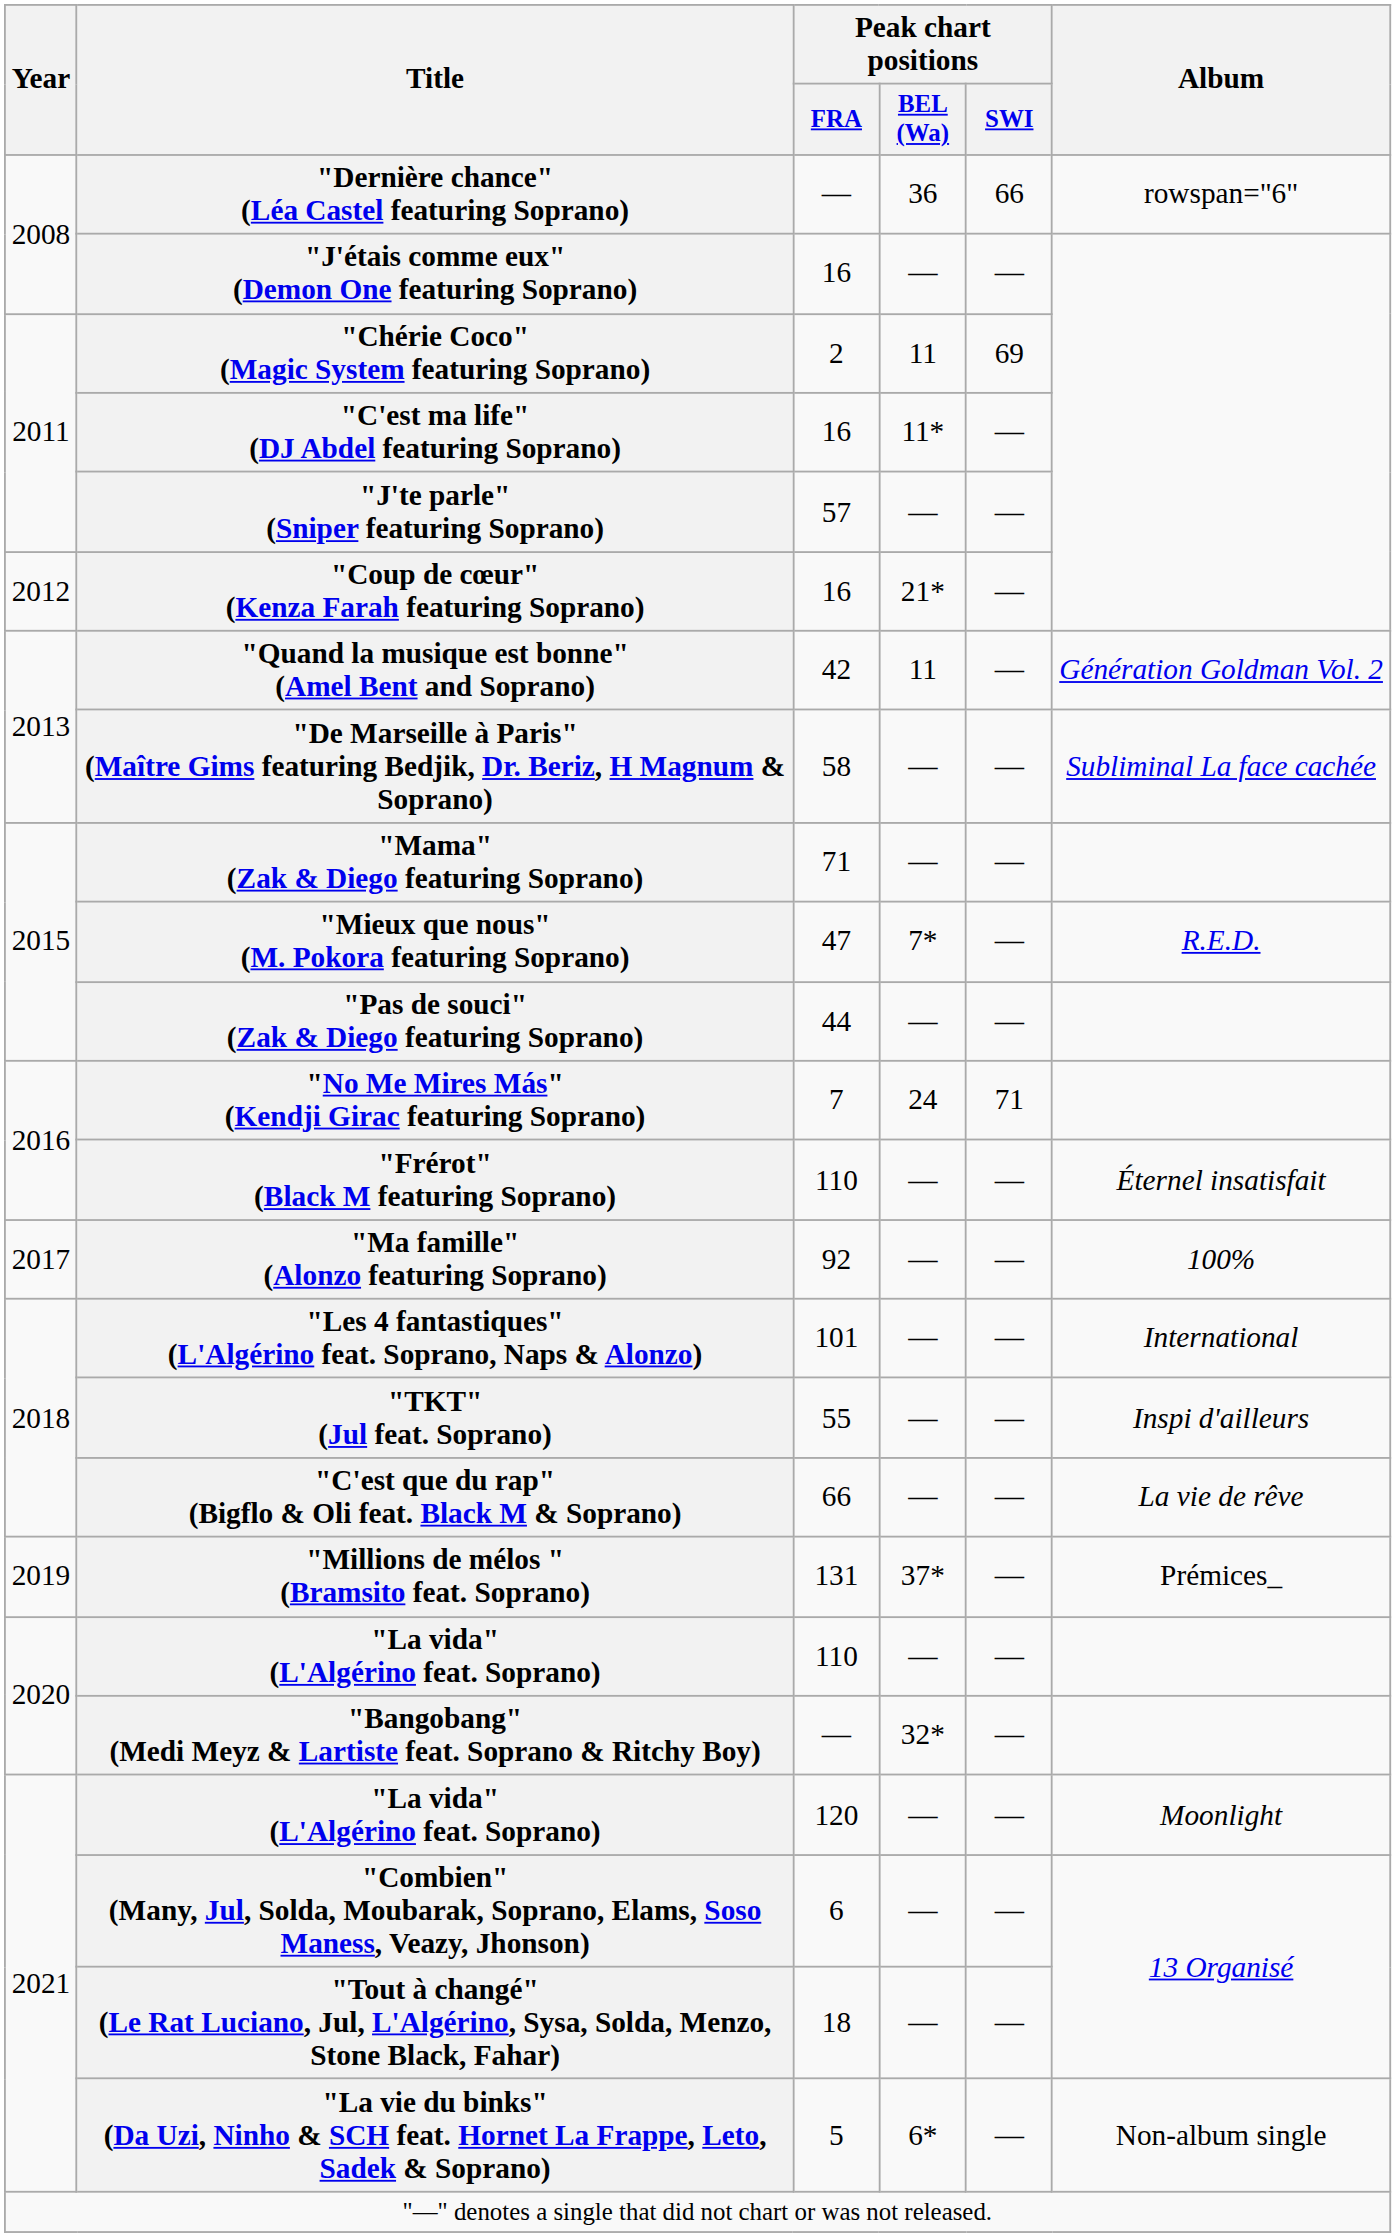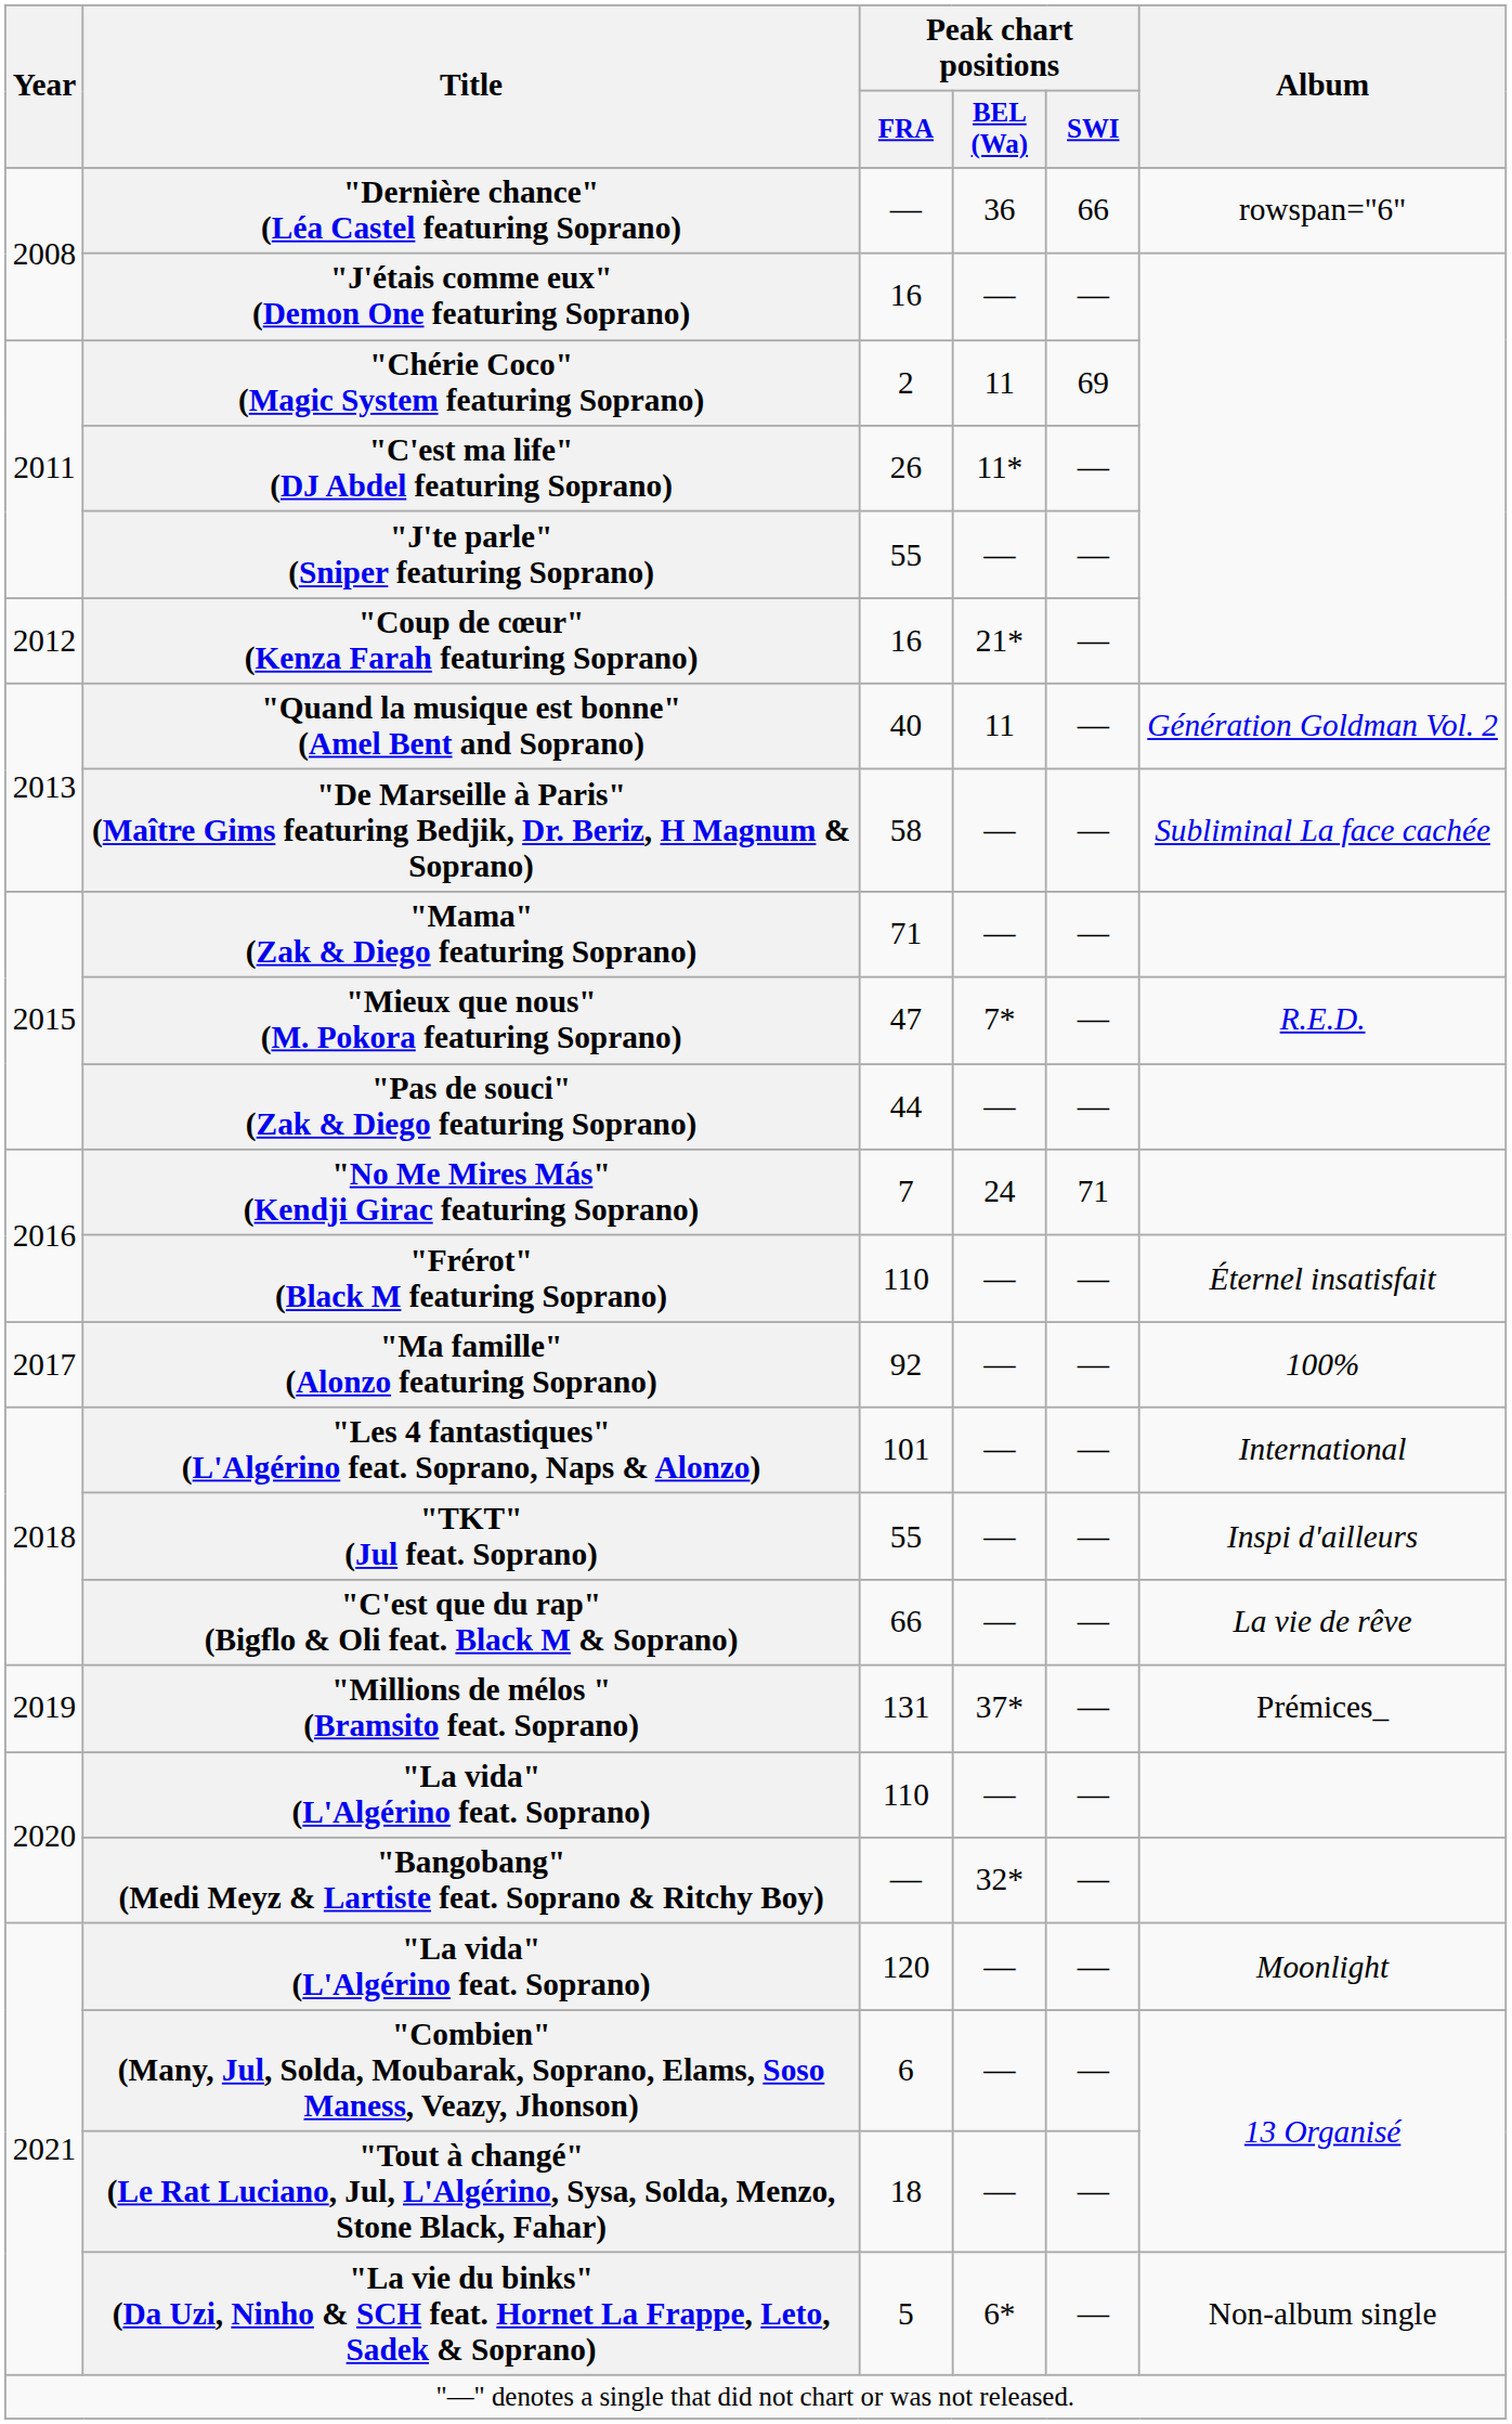 <table class="wikitable plainrowheaders" style="text-align:center;">
 <tr>
 <th scope="col" rowspan="2" style="width:1em;">Year</th>
 <th scope="col" rowspan="2" style="width:24em;">Title</th>
 <th scope="col" colspan="3">Peak chart positions</th>
 <th scope="col" rowspan="2">Album</th>
 </tr>
 <tr>
 <th scope="col" style="width:3em;font-size:85%;"><a href='#'>FRA</a><br></th>
 <th scope="col" style="width:3em;font-size:85%;"><a href='#'>BEL<br>(Wa)</a><br></th>
 <th scope="col" style="width:3em;font-size:85%;"><a href='#'>SWI</a><br></th>
 </tr>
 <tr>
 <td rowspan="2">2008</td>
 <th scope="row">"Dernière chance"<br><span>(<a href='#'>Léa Castel</a> featuring Soprano)</span></th>
 <td>—</td>
 <td>36</td>
 <td>66</td>
 <td>rowspan="6" </td>
 </tr>
 <tr>
 <th scope="row">"J'étais comme eux"<br><span>(<a href='#'>Demon One</a> featuring Soprano)</span></th>
 <td>16</td>
 <td>—</td>
 <td>—</td>
 </tr>
 <tr>
 <td rowspan="3">2011</td>
 <th scope="row">"Chérie Coco"<br><span>(<a href='#'>Magic System</a> featuring Soprano)</span></th>
 <td>2</td>
 <td>11</td>
 <td>69</td>
 </tr>
 <tr>
 <th scope="row">"C'est ma life"<br><span>(<a href='#'>DJ Abdel</a> featuring Soprano)</span></th>
-<td>16</td>
+<td>26</td>
 <td>11*</td>
 <td>—</td>
 </tr>
 <tr>
 <th scope="row">"J'te parle"<br><span>(<a href='#'>Sniper</a> featuring Soprano)</span></th>
-<td>57</td>
+<td>55</td>
 <td>—</td>
 <td>—</td>
 </tr>
 <tr>
 <td>2012</td>
 <th scope="row">"Coup de cœur"<br><span>(<a href='#'>Kenza Farah</a> featuring Soprano)</span></th>
 <td>16</td>
 <td>21*</td>
 <td>—</td>
 </tr>
 <tr>
 <td rowspan="2">2013</td>
 <th scope="row">"Quand la musique est bonne"<br><span>(<a href='#'>Amel Bent</a> and Soprano)</span></th>
-<td>42</td>
+<td>40</td>
 <td>11</td>
 <td>—</td>
 <td><em><a href='#'>Génération Goldman Vol. 2</a></em></td>
 </tr>
 <tr>
 <th scope="row">"De Marseille à Paris"<br><span>(<a href='#'>Maître Gims</a> featuring Bedjik, <a href='#'>Dr. Beriz</a>, <a href='#'>H Magnum</a> & Soprano)</span></th>
 <td>58</td>
 <td>—</td>
 <td>—</td>
 <td><em><a href='#'>Subliminal La face cachée</a></em></td>
 </tr>
 <tr>
 <td rowspan="3">2015</td>
 <th scope="row">"Mama"<br><span>(<a href='#'>Zak & Diego</a> featuring Soprano)</span></th>
 <td>71</td>
 <td>—</td>
 <td>—</td>
 <td></td>
 </tr>
 <tr>
 <th scope="row">"Mieux que nous"<br><span>(<a href='#'>M. Pokora</a> featuring Soprano)</span></th>
 <td>47</td>
 <td>7*</td>
 <td>—</td>
 <td><em><a href='#'>R.E.D.</a></em></td>
 </tr>
 <tr>
 <th scope="row">"Pas de souci"<br><span>(<a href='#'>Zak & Diego</a> featuring Soprano)</span></th>
 <td>44</td>
 <td>—</td>
 <td>—</td>
 <td></td>
 </tr>
 <tr>
 <td rowspan=2>2016</td>
 <th scope="row">"<a href='#'>No Me Mires Más</a>"<br><span>(<a href='#'>Kendji Girac</a> featuring Soprano)</span></th>
 <td>7</td>
 <td>24</td>
 <td>71</td>
 <td></td>
 </tr>
 <tr>
 <th scope="row">"Frérot"<br><span>(<a href='#'>Black M</a> featuring Soprano)</span></th>
 <td>110</td>
 <td>—</td>
 <td>—</td>
 <td><em>Éternel insatisfait</em></td>
 </tr>
 <tr>
 <td>2017</td>
 <th scope="row">"Ma famille"<br><span>(<a href='#'>Alonzo</a> featuring Soprano)</span></th>
 <td>92</td>
 <td>—</td>
 <td>—</td>
 <td><em>100%</em></td>
 </tr>
 <tr>
 <td rowspan=3>2018</td>
 <th scope="row">"Les 4 fantastiques"<br><span>(<a href='#'>L'Algérino</a> feat. Soprano, Naps & <a href='#'>Alonzo</a>)</span></th>
 <td>101</td>
 <td>—</td>
 <td>—</td>
 <td><em>International</em></td>
 </tr>
 <tr>
 <th scope="row">"TKT"<br><span>(<a href='#'>Jul</a> feat. Soprano)</span></th>
 <td>55</td>
 <td>—</td>
 <td>—</td>
 <td><em>Inspi d'ailleurs</em></td>
 </tr>
 <tr>
 <th scope="row">"C'est que du rap"<br><span>(Bigflo & Oli feat. <a href='#'>Black M</a> & Soprano)</span></th>
 <td>66</td>
 <td>—</td>
 <td>—</td>
 <td><em>La vie de rêve</em></td>
 </tr>
 <tr>
 <td>2019</td>
 <th scope="row">"Millions de mélos "<br><span>(<a href='#'>Bramsito</a> feat. Soprano)</span></th>
 <td>131</td>
 <td>37*</td>
 <td>—</td>
 <td>Prémices_</td>
 </tr>
 <tr>
 <td rowspan=2>2020</td>
 <th scope="row">"La vida"<br><span>(<a href='#'>L'Algérino</a> feat. Soprano)</span></th>
 <td>110</td>
 <td>—</td>
 <td>—</td>
 <td></td>
 </tr>
 <tr>
 <th scope="row">"Bangobang"<br><span>(Medi Meyz & <a href='#'>Lartiste</a> feat. Soprano & Ritchy Boy)</span></th>
 <td>—</td>
 <td>32*</td>
 <td>—</td>
 <td></td>
 </tr>
 <tr>
 <td rowspan=4>2021</td>
 <th scope="row">"La vida"<br><span>(<a href='#'>L'Algérino</a> feat. Soprano)</span></th>
 <td>120</td>
 <td>—</td>
 <td>—</td>
 <td><em>Moonlight</em></td>
 </tr>
 <tr>
 <th scope="row">"Combien"<br><span>(Many, <a href='#'>Jul</a>, Solda, Moubarak, Soprano, Elams, <a href='#'>Soso Maness</a>, Veazy, Jhonson)</span></th>
 <td>6</td>
 <td>—</td>
 <td>—</td>
 <td rowspan=2><em><a href='#'>13 Organisé</a></em></td>
 </tr>
 <tr>
 <th scope="row">"Tout à changé"<br><span>(<a href='#'>Le Rat Luciano</a>, Jul, <a href='#'>L'Algérino</a>, Sysa, Solda, Menzo, Stone Black, Fahar)</span></th>
 <td>18</td>
 <td>—</td>
 <td>—</td>
 </tr>
 <tr>
 <th scope="row">"La vie du binks"<br><span>(<a href='#'>Da Uzi</a>, <a href='#'>Ninho</a> & <a href='#'>SCH</a> feat. <a href='#'>Hornet La Frappe</a>, <a href='#'>Leto</a>, <a href='#'>Sadek</a> & Soprano)</span></th>
 <td>5</td>
 <td>6*</td>
 <td>—</td>
 <td>Non-album single</td>
 </tr>
 <tr>
 <td colspan="22" style="text-align:center; font-size:85%;">"—" denotes a single that did not chart or was not released.</td>
 </tr>
 </table>
